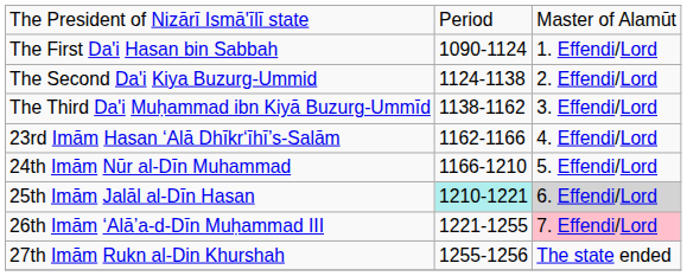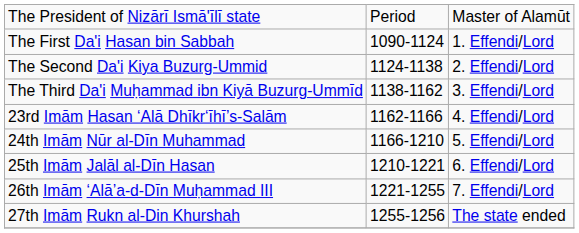 <table class="wikitable">
 <tr>
 <td>The President of <a href='#'>Nizārī Ismā'īlī state</a></td>
 <td>Period</td>
 <td>Master of Alamūt</td>
 </tr>
 <tr>
 <td>The First <a href='#'>Da'i</a> <a href='#'>Hasan bin Sabbah</a></td>
 <td>1090-1124</td>
 <td>1. <a href='#'>Effendi</a>/<a href='#'>Lord</a></td>
 </tr>
 <tr>
 <td>The Second <a href='#'>Da'i</a> <a href='#'>Kiya Buzurg-Ummid</a></td>
 <td>1124-1138</td>
 <td>2. <a href='#'>Effendi</a>/<a href='#'>Lord</a></td>
 </tr>
 <tr>
 <td>The Third <a href='#'>Da'i</a> <a href='#'>Muḥammad ibn Kiyā Buzurg-Ummīd</a></td>
 <td>1138-1162</td>
 <td>3. <a href='#'>Effendi</a>/<a href='#'>Lord</a></td>
 </tr>
 <tr>
 <td>23rd <a href='#'>Imām</a> <a href='#'>Hasan ‘Alā Dhīkr‘īhī’s-Salām</a></td>
 <td>1162-1166</td>
 <td>4. <a href='#'>Effendi</a>/<a href='#'>Lord</a></td>
 </tr>
 <tr>
 <td>24th <a href='#'>Imām</a> <a href='#'>Nūr al-Dīn Muhammad</a></td>
 <td>1166-1210</td>
 <td>5. <a href='#'>Effendi</a>/<a href='#'>Lord</a></td>
 </tr>
 <tr>
 <td>25th <a href='#'>Imām</a> <a href='#'>Jalāl al-Dīn Hasan</a></td>
-<td style="background: paleturquoise;">1210-1221</td>
-<td style="background: lightgrey;">6. <a href='#'>Effendi</a>/<a href='#'>Lord</a></td>
+<td>1210-1221</td>
+<td>6. <a href='#'>Effendi</a>/<a href='#'>Lord</a></td>
 </tr>
 <tr>
 <td>26th <a href='#'>Imām</a> <a href='#'>‘Alā’a-d-Dīn Muḥammad III</a></td>
 <td>1221-1255</td>
-<td style="background: pink;">7. <a href='#'>Effendi</a>/<a href='#'>Lord</a></td>
+<td>7. <a href='#'>Effendi</a>/<a href='#'>Lord</a></td>
 </tr>
 <tr>
 <td>27th <a href='#'>Imām</a> <a href='#'>Rukn al-Din Khurshah</a></td>
 <td>1255-1256</td>
 <td><a href='#'>The state</a> ended</td>
 </tr>
 <tr>
 </tr>
 </table>
